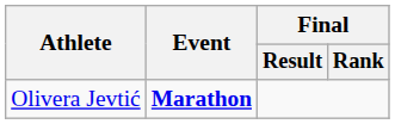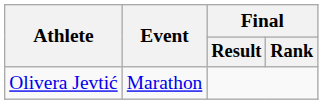 <table class=wikitable style="font-size:90%">
 <tr>
 <th rowspan="2">Athlete</th>
 <th rowspan="2">Event</th>
 <th colspan="2">Final</th>
 </tr>
 <tr style="font-size:95%">
 <th>Result</th>
 <th>Rank</th>
 </tr>
 <tr align=center>
 <td align=left><a href='#'>Olivera Jevtić</a></td>
-<td align=left><strong><a href='#'>Marathon</a></strong></td>
+<td align=left><a href='#'>Marathon</a></td>
 <td colspan=2></td>
 </tr>
 </table>
